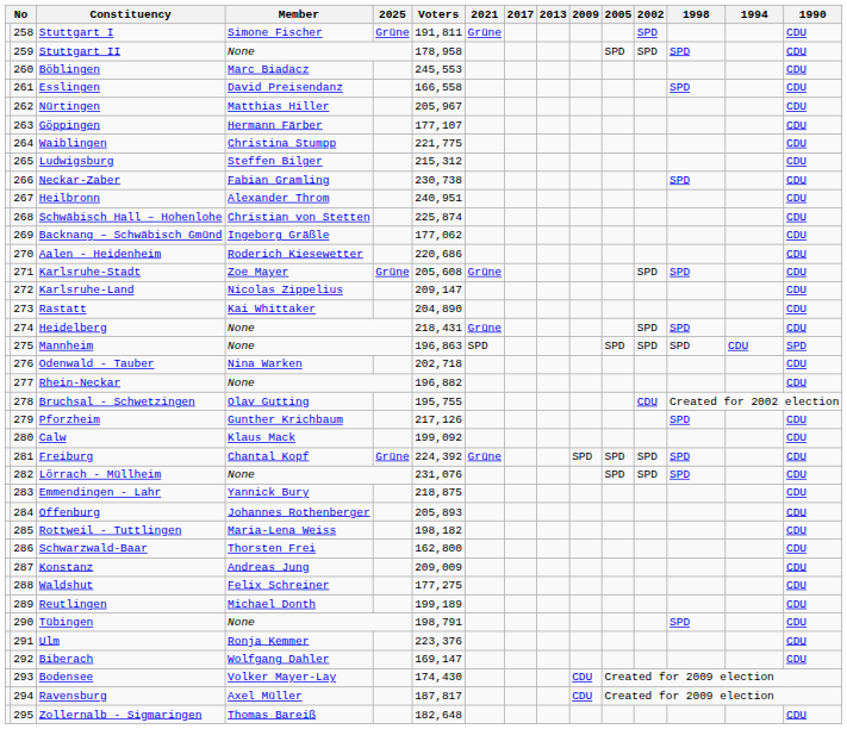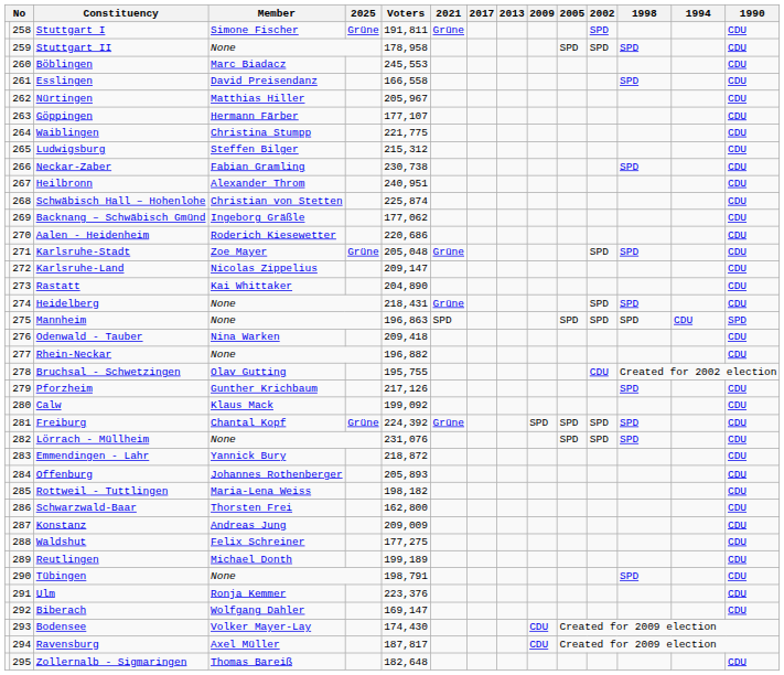 <table class="wikitable sortable">
 <tr>
 <th colspan=2>No</th>
 <th>Constituency</th>
 <th>Member</th>
 <th>2025</th>
 <th>Voters</th>
 <th>2021</th>
 <th>2017</th>
 <th>2013</th>
 <th>2009</th>
 <th>2005</th>
 <th>2002</th>
 <th>1998</th>
 <th>1994</th>
 <th>1990</th>
 </tr>
 <tr>
 <td style="background-color: "></td>
 <td>258</td>
 <td><a href='#'>Stuttgart I</a></td>
 <td><a href='#'>Simone Fischer</a></td>
 <td><a href='#'>Grüne</a></td>
 <td>191,811</td>
 <td><a href='#'>Grüne</a></td>
 <td></td>
 <td></td>
 <td></td>
 <td></td>
 <td bgcolor=><a href='#'>SPD</a></td>
 <td></td>
 <td></td>
 <td><a href='#'>CDU</a></td>
 </tr>
 <tr>
 <td></td>
 <td>259</td>
 <td><a href='#'>Stuttgart II</a></td>
 <td colspan="2"><em>None</em></td>
 <td>178,958</td>
 <td></td>
 <td></td>
 <td></td>
 <td></td>
 <td bgcolor=>SPD</td>
 <td bgcolor=>SPD</td>
 <td><a href='#'>SPD</a></td>
 <td></td>
 <td><a href='#'>CDU</a></td>
 </tr>
 <tr>
 <td style="background-color: "></td>
 <td>260</td>
 <td><a href='#'>Böblingen</a></td>
 <td><a href='#'>Marc Biadacz</a></td>
 <td></td>
 <td>245,553</td>
 <td></td>
 <td></td>
 <td></td>
 <td></td>
 <td></td>
 <td></td>
 <td></td>
 <td></td>
 <td><a href='#'>CDU</a></td>
 </tr>
 <tr>
 <td style="background-color: "></td>
 <td>261</td>
 <td><a href='#'>Esslingen</a></td>
 <td><a href='#'>David Preisendanz</a></td>
 <td></td>
 <td>166,558</td>
 <td></td>
 <td></td>
 <td></td>
 <td></td>
 <td></td>
 <td></td>
 <td><a href='#'>SPD</a></td>
 <td></td>
 <td><a href='#'>CDU</a></td>
 </tr>
 <tr>
 <td style="background-color: "></td>
 <td>262</td>
 <td><a href='#'>Nürtingen</a></td>
 <td><a href='#'>Matthias Hiller</a></td>
 <td></td>
 <td>205,967</td>
 <td></td>
 <td></td>
 <td></td>
 <td></td>
 <td></td>
 <td></td>
 <td></td>
 <td></td>
 <td><a href='#'>CDU</a></td>
 </tr>
 <tr>
 <td style="background-color: "></td>
 <td>263</td>
 <td><a href='#'>Göppingen</a></td>
 <td><a href='#'>Hermann Färber</a></td>
 <td></td>
 <td>177,107</td>
 <td></td>
 <td></td>
 <td></td>
 <td></td>
 <td></td>
 <td></td>
 <td></td>
 <td></td>
 <td><a href='#'>CDU</a></td>
 </tr>
 <tr>
 <td style="background-color: "></td>
 <td>264</td>
 <td><a href='#'>Waiblingen</a></td>
 <td><a href='#'>Christina Stumpp</a></td>
 <td></td>
 <td>221,775</td>
 <td></td>
 <td></td>
 <td></td>
 <td></td>
 <td></td>
 <td></td>
 <td></td>
 <td></td>
 <td><a href='#'>CDU</a></td>
 </tr>
 <tr>
 <td style="background-color: "></td>
 <td>265</td>
 <td><a href='#'>Ludwigsburg</a></td>
 <td><a href='#'>Steffen Bilger</a></td>
 <td></td>
 <td>215,312</td>
 <td></td>
 <td></td>
 <td></td>
 <td></td>
 <td></td>
 <td></td>
 <td></td>
 <td></td>
 <td><a href='#'>CDU</a></td>
 </tr>
 <tr>
 <td style="background-color: "></td>
 <td>266</td>
 <td><a href='#'>Neckar-Zaber</a></td>
 <td><a href='#'>Fabian Gramling</a></td>
 <td></td>
 <td>230,738</td>
 <td></td>
 <td></td>
 <td></td>
 <td></td>
 <td></td>
 <td></td>
 <td><a href='#'>SPD</a></td>
 <td></td>
 <td><a href='#'>CDU</a></td>
 </tr>
 <tr>
 <td style="background-color: "></td>
 <td>267</td>
 <td><a href='#'>Heilbronn</a></td>
 <td><a href='#'>Alexander Throm</a></td>
 <td></td>
 <td>240,951</td>
 <td></td>
 <td></td>
 <td></td>
 <td></td>
 <td></td>
 <td></td>
 <td></td>
 <td></td>
 <td><a href='#'>CDU</a></td>
 </tr>
 <tr>
 <td style="background-color: "></td>
 <td>268</td>
 <td><a href='#'>Schwäbisch Hall – Hohenlohe</a></td>
 <td><a href='#'>Christian von Stetten</a></td>
 <td></td>
 <td>225,874</td>
 <td></td>
 <td></td>
 <td></td>
 <td></td>
 <td></td>
 <td></td>
 <td></td>
 <td></td>
 <td><a href='#'>CDU</a></td>
 </tr>
 <tr>
 <td style="background-color: "></td>
 <td>269</td>
 <td><a href='#'>Backnang – Schwäbisch Gmünd</a></td>
 <td><a href='#'>Ingeborg Gräßle</a></td>
 <td></td>
 <td>177,062</td>
 <td></td>
 <td></td>
 <td></td>
 <td></td>
 <td></td>
 <td></td>
 <td></td>
 <td></td>
 <td><a href='#'>CDU</a></td>
 </tr>
 <tr>
 <td style="background-color: "></td>
 <td>270</td>
 <td><a href='#'>Aalen - Heidenheim</a></td>
 <td><a href='#'>Roderich Kiesewetter</a></td>
 <td></td>
 <td>220,686</td>
 <td></td>
 <td></td>
 <td></td>
 <td></td>
 <td></td>
 <td></td>
 <td></td>
 <td></td>
 <td><a href='#'>CDU</a></td>
 </tr>
 <tr>
 <td style="background-color: "></td>
 <td>271</td>
 <td><a href='#'>Karlsruhe-Stadt</a></td>
 <td><a href='#'>Zoe Mayer</a></td>
 <td><a href='#'>Grüne</a></td>
-<td>205,608</td>
+<td>205,048</td>
 <td><a href='#'>Grüne</a></td>
 <td></td>
 <td></td>
 <td></td>
 <td></td>
 <td bgcolor=>SPD</td>
 <td><a href='#'>SPD</a></td>
 <td></td>
 <td><a href='#'>CDU</a></td>
 </tr>
 <tr>
 <td style="background-color: "></td>
 <td>272</td>
 <td><a href='#'>Karlsruhe-Land</a></td>
 <td><a href='#'>Nicolas Zippelius</a></td>
 <td></td>
 <td>209,147</td>
 <td></td>
 <td></td>
 <td></td>
 <td></td>
 <td></td>
 <td></td>
 <td></td>
 <td></td>
 <td><a href='#'>CDU</a></td>
 </tr>
 <tr>
 <td style="background-color: "></td>
 <td>273</td>
 <td><a href='#'>Rastatt</a></td>
 <td><a href='#'>Kai Whittaker</a></td>
 <td></td>
 <td>204,890</td>
 <td></td>
 <td></td>
 <td></td>
 <td></td>
 <td></td>
 <td></td>
 <td></td>
 <td></td>
 <td><a href='#'>CDU</a></td>
 </tr>
 <tr>
 <td></td>
 <td>274</td>
 <td><a href='#'>Heidelberg</a></td>
 <td colspan="2"><em>None</em></td>
 <td>218,431</td>
 <td><a href='#'>Grüne</a></td>
 <td></td>
 <td></td>
 <td></td>
 <td></td>
 <td bgcolor=>SPD</td>
 <td><a href='#'>SPD</a></td>
 <td></td>
 <td><a href='#'>CDU</a></td>
 </tr>
 <tr>
 <td></td>
 <td>275</td>
 <td><a href='#'>Mannheim</a></td>
 <td colspan="2"><em>None</em></td>
 <td>196,863</td>
 <td bgcolor=>SPD</td>
 <td></td>
 <td></td>
 <td></td>
 <td bgcolor=>SPD</td>
 <td bgcolor=>SPD</td>
 <td bgcolor=>SPD</td>
 <td><a href='#'>CDU</a></td>
 <td><a href='#'>SPD</a></td>
 </tr>
 <tr>
 <td style="background-color: "></td>
 <td>276</td>
 <td><a href='#'>Odenwald - Tauber</a></td>
 <td><a href='#'>Nina Warken</a></td>
 <td></td>
-<td>202,718</td>
+<td>209,418</td>
 <td></td>
 <td></td>
 <td></td>
 <td></td>
 <td></td>
 <td></td>
 <td></td>
 <td></td>
 <td><a href='#'>CDU</a></td>
 </tr>
 <tr>
 <td></td>
 <td>277</td>
 <td><a href='#'>Rhein-Neckar</a></td>
 <td colspan="2"><em>None</em></td>
 <td>196,882</td>
 <td></td>
 <td></td>
 <td></td>
 <td></td>
 <td></td>
 <td></td>
 <td></td>
 <td></td>
 <td><a href='#'>CDU</a></td>
 </tr>
 <tr>
 <td style="background-color: "></td>
 <td>278</td>
 <td><a href='#'>Bruchsal - Schwetzingen</a></td>
 <td><a href='#'>Olav Gutting</a></td>
 <td></td>
 <td>195,755</td>
 <td></td>
 <td></td>
 <td></td>
 <td></td>
 <td></td>
 <td><a href='#'>CDU</a></td>
 <td colspan=3>Created for 2002 election</td>
 </tr>
 <tr>
 <td style="background-color: "></td>
 <td>279</td>
 <td><a href='#'>Pforzheim</a></td>
 <td><a href='#'>Gunther Krichbaum</a></td>
 <td></td>
 <td>217,126</td>
 <td></td>
 <td></td>
 <td></td>
 <td></td>
 <td></td>
 <td></td>
 <td><a href='#'>SPD</a></td>
 <td></td>
 <td><a href='#'>CDU</a></td>
 </tr>
 <tr>
 <td style="background-color: "></td>
 <td>280</td>
 <td><a href='#'>Calw</a></td>
 <td><a href='#'>Klaus Mack</a></td>
 <td></td>
 <td>199,092</td>
 <td></td>
 <td></td>
 <td></td>
 <td></td>
 <td></td>
 <td></td>
 <td></td>
 <td></td>
 <td><a href='#'>CDU</a></td>
 </tr>
 <tr>
 <td style="background-color: "></td>
 <td>281</td>
 <td><a href='#'>Freiburg</a></td>
 <td><a href='#'>Chantal Kopf</a></td>
 <td><a href='#'>Grüne</a></td>
 <td>224,392</td>
 <td><a href='#'>Grüne</a></td>
 <td></td>
 <td></td>
 <td bgcolor=>SPD</td>
 <td bgcolor=>SPD</td>
 <td bgcolor=>SPD</td>
 <td><a href='#'>SPD</a></td>
 <td></td>
 <td><a href='#'>CDU</a></td>
 </tr>
 <tr>
 <td></td>
 <td>282</td>
 <td><a href='#'>Lörrach - Müllheim</a></td>
 <td colspan="2"><em>None</em></td>
 <td>231,076</td>
 <td></td>
 <td></td>
 <td></td>
 <td></td>
 <td bgcolor=>SPD</td>
 <td bgcolor=>SPD</td>
 <td><a href='#'>SPD</a></td>
 <td></td>
 <td><a href='#'>CDU</a></td>
 </tr>
 <tr>
 <td style="background-color: "></td>
 <td>283</td>
 <td><a href='#'>Emmendingen - Lahr</a></td>
 <td><a href='#'>Yannick Bury</a></td>
 <td></td>
-<td>218,875</td>
+<td>218,872</td>
 <td></td>
 <td></td>
 <td></td>
 <td></td>
 <td></td>
 <td></td>
 <td></td>
 <td></td>
 <td><a href='#'>CDU</a></td>
 </tr>
 <tr>
 <td style="background-color: "></td>
 <td>284</td>
 <td><a href='#'>Offenburg</a></td>
 <td><a href='#'>Johannes Rothenberger</a></td>
 <td></td>
 <td>205,893</td>
 <td></td>
 <td></td>
 <td></td>
 <td></td>
 <td></td>
 <td></td>
 <td></td>
 <td></td>
 <td><a href='#'>CDU</a></td>
 </tr>
 <tr>
 <td style="background-color: "></td>
 <td>285</td>
 <td><a href='#'>Rottweil - Tuttlingen</a></td>
 <td><a href='#'>Maria-Lena Weiss</a></td>
 <td></td>
 <td>198,182</td>
 <td></td>
 <td></td>
 <td></td>
 <td></td>
 <td></td>
 <td></td>
 <td></td>
 <td></td>
 <td><a href='#'>CDU</a></td>
 </tr>
 <tr>
 <td style="background-color: "></td>
 <td>286</td>
 <td><a href='#'>Schwarzwald-Baar</a></td>
 <td><a href='#'>Thorsten Frei</a></td>
 <td></td>
 <td>162,800</td>
 <td></td>
 <td></td>
 <td></td>
 <td></td>
 <td></td>
 <td></td>
 <td></td>
 <td></td>
 <td><a href='#'>CDU</a></td>
 </tr>
 <tr>
 <td style="background-color: "></td>
 <td>287</td>
 <td><a href='#'>Konstanz</a></td>
 <td><a href='#'>Andreas Jung</a></td>
 <td></td>
 <td>209,009</td>
 <td></td>
 <td></td>
 <td></td>
 <td></td>
 <td></td>
 <td></td>
 <td></td>
 <td></td>
 <td><a href='#'>CDU</a></td>
 </tr>
 <tr>
 <td style="background-color: "></td>
 <td>288</td>
 <td><a href='#'>Waldshut</a></td>
 <td><a href='#'>Felix Schreiner</a></td>
 <td></td>
 <td>177,275</td>
 <td></td>
 <td></td>
 <td></td>
 <td></td>
 <td></td>
 <td></td>
 <td></td>
 <td></td>
 <td><a href='#'>CDU</a></td>
 </tr>
 <tr>
 <td style="background-color: "></td>
 <td>289</td>
 <td><a href='#'>Reutlingen</a></td>
 <td><a href='#'>Michael Donth</a></td>
 <td></td>
 <td>199,189</td>
 <td></td>
 <td></td>
 <td></td>
 <td></td>
 <td></td>
 <td></td>
 <td></td>
 <td></td>
 <td><a href='#'>CDU</a></td>
 </tr>
 <tr>
 <td></td>
 <td>290</td>
 <td><a href='#'>Tübingen</a></td>
 <td colspan="2"><em>None</em></td>
 <td>198,791</td>
 <td></td>
 <td></td>
 <td></td>
 <td></td>
 <td></td>
 <td></td>
 <td><a href='#'>SPD</a></td>
 <td></td>
 <td><a href='#'>CDU</a></td>
 </tr>
 <tr>
 <td style="background-color: "></td>
 <td>291</td>
 <td><a href='#'>Ulm</a></td>
 <td><a href='#'>Ronja Kemmer</a></td>
 <td></td>
 <td>223,376</td>
 <td></td>
 <td></td>
 <td></td>
 <td></td>
 <td></td>
 <td></td>
 <td></td>
 <td></td>
 <td><a href='#'>CDU</a></td>
 </tr>
 <tr>
 <td style="background-color: "></td>
 <td>292</td>
 <td><a href='#'>Biberach</a></td>
 <td><a href='#'>Wolfgang Dahler</a></td>
 <td></td>
 <td>169,147</td>
 <td></td>
 <td></td>
 <td></td>
 <td></td>
 <td></td>
 <td></td>
 <td></td>
 <td></td>
 <td><a href='#'>CDU</a></td>
 </tr>
 <tr>
 <td style="background-color: "></td>
 <td>293</td>
 <td><a href='#'>Bodensee</a></td>
 <td><a href='#'>Volker Mayer-Lay</a></td>
 <td></td>
 <td>174,430</td>
 <td></td>
 <td></td>
 <td></td>
 <td><a href='#'>CDU</a></td>
 <td colspan=5>Created for 2009 election</td>
 </tr>
 <tr>
 <td style="background-color: "></td>
 <td>294</td>
 <td><a href='#'>Ravensburg</a></td>
 <td><a href='#'>Axel Müller</a></td>
 <td></td>
 <td>187,817</td>
 <td></td>
 <td></td>
 <td></td>
 <td><a href='#'>CDU</a></td>
 <td colspan=5>Created for 2009 election</td>
 </tr>
 <tr>
 <td style="background-color: "></td>
 <td>295</td>
 <td><a href='#'>Zollernalb - Sigmaringen</a></td>
 <td><a href='#'>Thomas Bareiß</a></td>
 <td></td>
 <td>182,648</td>
 <td></td>
 <td></td>
 <td></td>
 <td></td>
 <td></td>
 <td></td>
 <td></td>
 <td></td>
 <td><a href='#'>CDU</a></td>
 </tr>
 </table>
